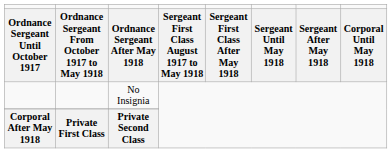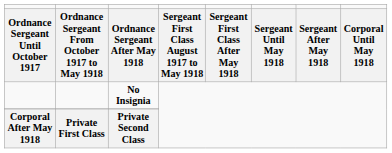 <table class="wikitable" style="text-align:center">
 <tr>
 <td></td>
 <td></td>
 <td></td>
 <td></td>
 <td></td>
 <td></td>
 <td></td>
 <td></td>
 </tr>
 <tr>
 <th>Ordnance Sergeant Until October 1917</th>
 <th>Ordnance Sergeant From October 1917 to May 1918</th>
 <th>Ordnance Sergeant After May 1918</th>
 <th>Sergeant First Class August 1917 to May 1918</th>
 <th>Sergeant First Class After May 1918</th>
 <th>Sergeant Until May 1918</th>
 <th>Sergeant After May 1918</th>
 <th>Corporal Until May 1918</th>
 </tr>
 <tr>
 <td></td>
 <td></td>
-<td>No Insignia</td>
+<td><strong>No Insignia</strong></td>
 </tr>
 <tr>
 </tr>
 <tr>
 <th>Corporal After May 1918</th>
 <th>Private First Class</th>
 <th>Private Second Class</th>
 </tr>
 </table>
